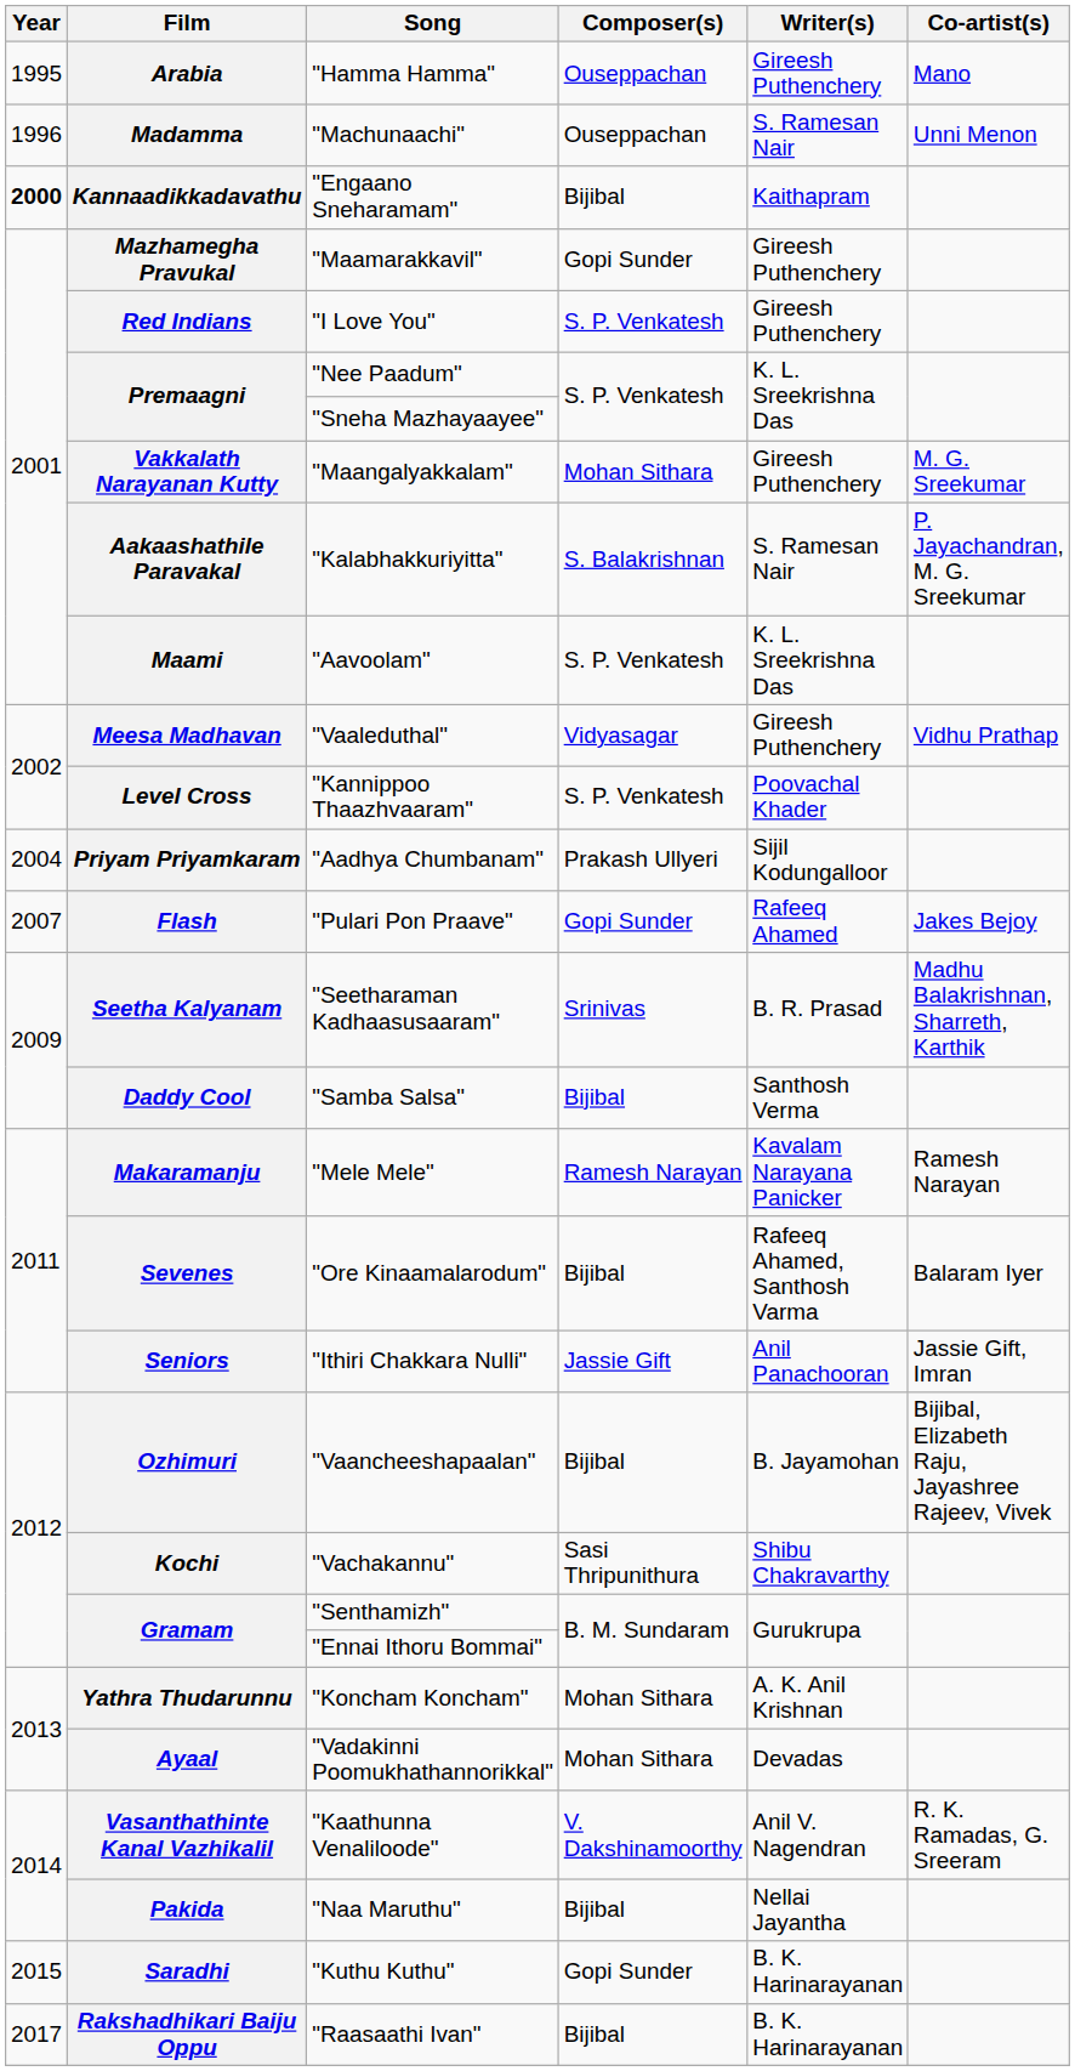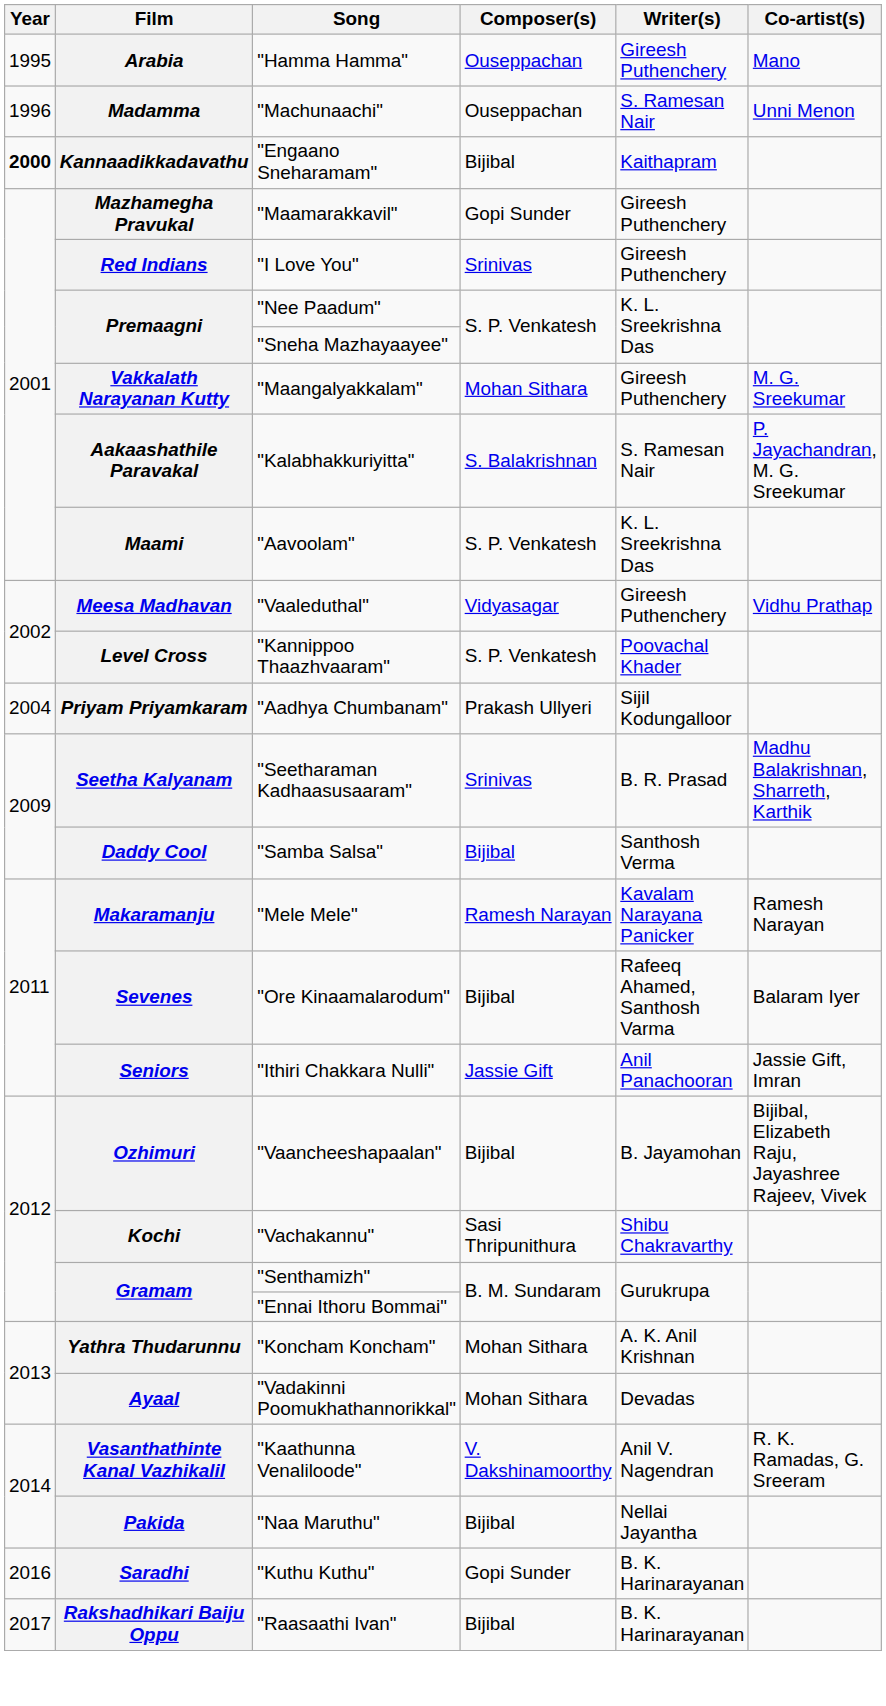 <table class="wikitable plainrowheaders" width="100%" textcolor:#000;">
 <tr style="background:#b0e0e66;">
 <th scope="col" width=5%><strong>Year</strong></th>
 <th scope="col" width=23%><strong>Film</strong></th>
 <th scope="col" width=23%><strong>Song</strong></th>
 <th scope="col" width=15%><strong>Composer(s)</strong></th>
 <th scope="col" width=10%><strong>Writer(s)</strong></th>
 <th scope="col" width=20%><strong>Co-artist(s)</strong></th>
 </tr>
 <tr>
 <td rowspan="1">1995</td>
 <th><em>Arabia</em></th>
 <td>"Hamma Hamma"</td>
 <td><a href='#'>Ouseppachan</a></td>
 <td><a href='#'>Gireesh Puthenchery</a></td>
 <td><a href='#'>Mano</a></td>
 </tr>
 <tr>
 <td rowspan="1">1996</td>
 <th><em>Madamma</em></th>
 <td>"Machunaachi"</td>
 <td>Ouseppachan</td>
 <td><a href='#'>S. Ramesan Nair</a></td>
 <td><a href='#'>Unni Menon</a></td>
 </tr>
 <tr>
 <td rowspan="1"><strong>2000</strong></td>
 <th><em>Kannaadikkadavathu</em></th>
 <td>"Engaano Sneharamam"</td>
 <td>Bijibal</td>
 <td><a href='#'>Kaithapram</a></td>
 <td></td>
 </tr>
 <tr>
 <td rowspan="7">2001</td>
 <th><em>Mazhamegha Pravukal</em></th>
 <td>"Maamarakkavil"</td>
 <td>Gopi Sunder</td>
 <td>Gireesh Puthenchery</td>
 <td></td>
 </tr>
 <tr>
 <th><em><a href='#'>Red Indians</a></em></th>
 <td>"I Love You"</td>
-<td><a href='#'>S. P. Venkatesh</a></td>
+<td><a href='#'>Srinivas</a></td>
 <td>Gireesh Puthenchery</td>
 <td></td>
 </tr>
 <tr>
 <th rowspan="2"><em>Premaagni</em></th>
 <td>"Nee Paadum"</td>
 <td rowspan="2">S. P. Venkatesh</td>
 <td rowspan="2">K. L. Sreekrishna Das</td>
 <td rowspan="2"></td>
 </tr>
 <tr>
 <td>"Sneha Mazhayaayee"</td>
 </tr>
 <tr>
 <th><em><a href='#'>Vakkalath Narayanan Kutty</a></em></th>
 <td>"Maangalyakkalam"</td>
 <td><a href='#'>Mohan Sithara</a></td>
 <td>Gireesh Puthenchery</td>
 <td><a href='#'>M. G. Sreekumar</a></td>
 </tr>
 <tr>
 <th><em>Aakaashathile Paravakal</em></th>
 <td>"Kalabhakkuriyitta"</td>
 <td><a href='#'>S. Balakrishnan</a></td>
 <td>S. Ramesan Nair</td>
 <td><a href='#'>P. Jayachandran</a>, M. G. Sreekumar</td>
 </tr>
 <tr>
 <th><em>Maami</em></th>
 <td>"Aavoolam"</td>
 <td>S. P. Venkatesh</td>
 <td>K. L. Sreekrishna Das</td>
 <td></td>
 </tr>
 <tr>
 <td rowspan="2">2002</td>
 <th><em><a href='#'>Meesa Madhavan</a></em></th>
 <td>"Vaaleduthal"</td>
 <td><a href='#'>Vidyasagar</a></td>
 <td>Gireesh Puthenchery</td>
 <td><a href='#'>Vidhu Prathap</a></td>
 </tr>
 <tr>
 <th><em>Level Cross</em></th>
 <td>"Kannippoo Thaazhvaaram"</td>
 <td>S. P. Venkatesh</td>
 <td><a href='#'>Poovachal Khader</a></td>
 <td></td>
 </tr>
 <tr>
 <td rowspan="1">2004</td>
 <th><em>Priyam Priyamkaram</em></th>
 <td>"Aadhya Chumbanam"</td>
 <td>Prakash Ullyeri</td>
 <td>Sijil Kodungalloor</td>
 <td></td>
-</tr>
-<tr>
-<td rowspan="1">2007</td>
-<th><em><a href='#'>Flash</a></em></th>
-<td>"Pulari Pon Praave"</td>
-<td><a href='#'>Gopi Sunder</a></td>
-<td><a href='#'>Rafeeq Ahamed</a></td>
-<td><a href='#'>Jakes Bejoy</a></td>
 </tr>
 <tr>
 <td rowspan="2">2009</td>
 <th><em><a href='#'>Seetha Kalyanam</a></em></th>
 <td>"Seetharaman Kadhaasusaaram"</td>
 <td><a href='#'>Srinivas</a></td>
 <td>B. R. Prasad</td>
 <td><a href='#'>Madhu Balakrishnan</a>, <a href='#'>Sharreth</a>, <a href='#'>Karthik</a></td>
 </tr>
 <tr>
 <th><em><a href='#'>Daddy Cool</a></em></th>
 <td>"Samba Salsa"</td>
 <td><a href='#'>Bijibal</a></td>
 <td>Santhosh Verma</td>
 <td></td>
 </tr>
 <tr>
 <td rowspan="3">2011</td>
 <th><em><a href='#'>Makaramanju</a></em></th>
 <td>"Mele Mele"</td>
 <td><a href='#'>Ramesh Narayan</a></td>
 <td><a href='#'>Kavalam Narayana Panicker</a></td>
 <td>Ramesh Narayan</td>
 </tr>
 <tr>
 <th><em><a href='#'>Sevenes</a></em></th>
 <td>"Ore Kinaamalarodum"</td>
 <td>Bijibal</td>
 <td>Rafeeq Ahamed, Santhosh Varma</td>
 <td>Balaram Iyer</td>
 </tr>
 <tr>
 <th><em><a href='#'>Seniors</a></em></th>
 <td>"Ithiri Chakkara Nulli"</td>
 <td><a href='#'>Jassie Gift</a></td>
 <td><a href='#'>Anil Panachooran</a></td>
 <td>Jassie Gift, Imran</td>
 </tr>
 <tr>
 <td rowspan="4">2012</td>
 <th><em><a href='#'>Ozhimuri</a></em></th>
 <td>"Vaancheeshapaalan"</td>
 <td>Bijibal</td>
 <td>B. Jayamohan</td>
 <td>Bijibal, Elizabeth Raju, Jayashree Rajeev, Vivek</td>
 </tr>
 <tr>
 <th><em>Kochi</em></th>
 <td>"Vachakannu"</td>
 <td>Sasi Thripunithura</td>
 <td><a href='#'>Shibu Chakravarthy</a></td>
 <td></td>
 </tr>
 <tr>
 <th rowspan="2"><em><a href='#'>Gramam</a></em></th>
 <td>"Senthamizh"</td>
 <td rowspan="2">B. M. Sundaram</td>
 <td rowspan="2">Gurukrupa</td>
 <td rowspan="2"></td>
 </tr>
 <tr>
 <td>"Ennai Ithoru Bommai"</td>
 </tr>
 <tr>
 <td rowspan="2">2013</td>
 <th><em>Yathra Thudarunnu</em></th>
 <td>"Koncham Koncham"</td>
 <td>Mohan Sithara</td>
 <td>A. K. Anil Krishnan</td>
 <td></td>
 </tr>
 <tr>
 <th><em><a href='#'>Ayaal</a></em></th>
 <td>"Vadakinni Poomukhathannorikkal"</td>
 <td>Mohan Sithara</td>
 <td>Devadas</td>
 <td></td>
 </tr>
 <tr>
 <td rowspan="2">2014</td>
 <th><em><a href='#'>Vasanthathinte Kanal Vazhikalil</a></em></th>
 <td>"Kaathunna Venaliloode"</td>
 <td><a href='#'>V. Dakshinamoorthy</a></td>
 <td>Anil V. Nagendran</td>
 <td>R. K. Ramadas, G. Sreeram</td>
 </tr>
 <tr>
 <th><em><a href='#'>Pakida</a></em></th>
 <td>"Naa Maruthu"</td>
 <td>Bijibal</td>
 <td>Nellai Jayantha</td>
 <td></td>
 </tr>
 <tr>
-<td rowspan="1">2015</td>
+<td rowspan="1">2016</td>
 <th><em><a href='#'>Saradhi</a></em></th>
 <td>"Kuthu Kuthu"</td>
 <td>Gopi Sunder</td>
 <td>B. K. Harinarayanan</td>
 <td></td>
 </tr>
 <tr>
 <td rowspan="1">2017</td>
 <th><em><a href='#'>Rakshadhikari Baiju Oppu</a></em></th>
 <td>"Raasaathi Ivan"</td>
 <td>Bijibal</td>
 <td>B. K. Harinarayanan</td>
 <td></td>
 </tr>
 <tr>
 </tr>
 </table>
